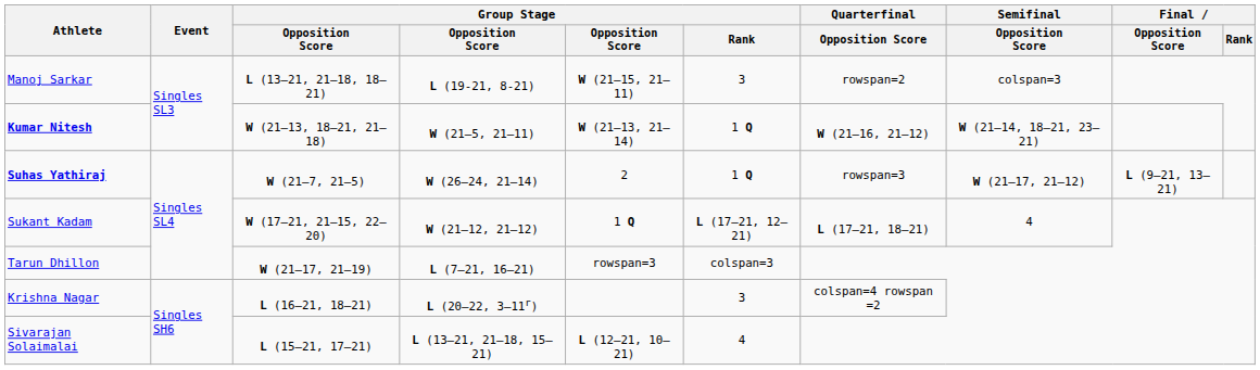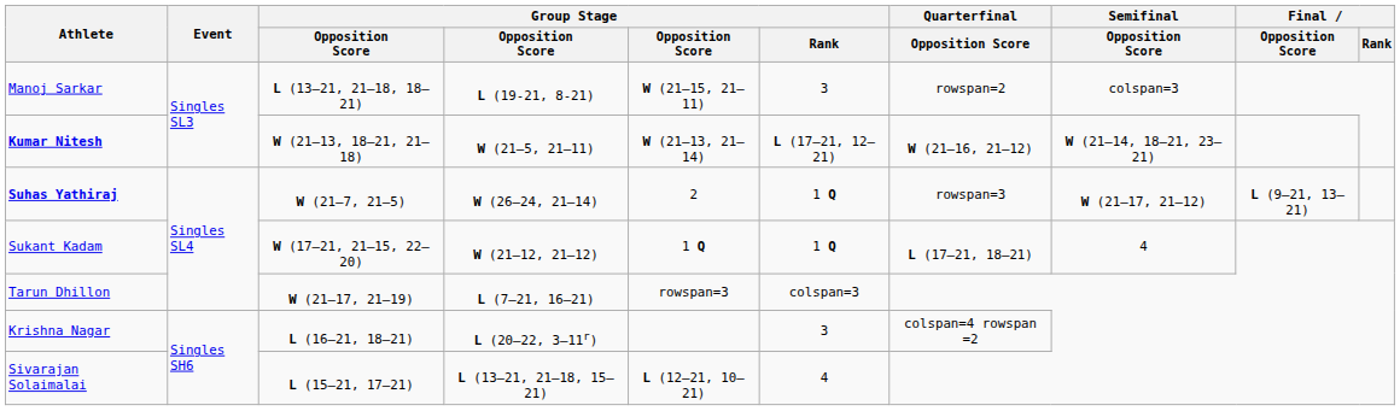 <table class="wikitable" style="font-size:90%; text-align:center">
 <tr>
 <th rowspan=2>Athlete</th>
 <th rowspan=2>Event</th>
 <th colspan=4>Group Stage</th>
 <th>Quarterfinal</th>
 <th>Semifinal</th>
 <th colspan=2>Final / </th>
 </tr>
 <tr style="font-size:95%">
 <th>Opposition<br>Score</th>
 <th>Opposition<br>Score</th>
 <th>Opposition<br>Score</th>
 <th>Rank</th>
 <th>Opposition Score</th>
 <th>Opposition<br>Score</th>
 <th>Opposition<br>Score</th>
 <th>Rank</th>
 </tr>
 <tr>
 <td align=left><a href='#'>Manoj Sarkar</a></td>
 <td align=left rowspan=2><a href='#'>Singles SL3</a></td>
 <td> <br> <strong>L</strong> (13–21, 21–18, 18–21)</td>
 <td> <br> <strong>L</strong> (19-21, 8-21)</td>
 <td> <br> <strong>W</strong> (21–15, 21–11)</td>
 <td>3</td>
 <td>rowspan=2 </td>
 <td>colspan=3 </td>
 </tr>
 <tr>
 <td align=left><strong><a href='#'>Kumar Nitesh</a></strong></td>
 <td> <br> <strong>W</strong> (21–13, 18–21, 21–18)</td>
 <td> <br> <strong>W</strong> (21–5, 21–11)</td>
 <td> <br> <strong>W</strong> (21–13, 21–14)</td>
-<td>1 <strong>Q</strong></td>
+<td> <br> <strong>L</strong> (17–21, 12–21)</td>
 <td> <br> <strong>W</strong> (21–16, 21–12)</td>
 <td> <br> <strong>W</strong> (21–14, 18–21, 23–21)</td>
 <td></td>
 </tr>
 <tr>
 <td align=left><strong><a href='#'>Suhas Yathiraj</a></strong></td>
 <td align=left rowspan=3><a href='#'>Singles SL4</a></td>
 <td> <br> <strong>W</strong> (21–7, 21–5)</td>
 <td> <br> <strong>W</strong> (26–24, 21–14)</td>
 <td>2</td>
 <td>1 <strong>Q</strong></td>
 <td>rowspan=3 </td>
 <td> <br> <strong>W</strong> (21–17, 21–12)</td>
 <td> <br> <strong>L</strong> (9–21, 13–21)</td>
 <td></td>
 </tr>
 <tr>
 <td align=left><a href='#'>Sukant Kadam</a></td>
 <td> <br> <strong>W</strong> (17–21, 21–15, 22–20)</td>
 <td> <br> <strong>W</strong> (21–12, 21–12)</td>
 <td>1 <strong>Q</strong></td>
-<td> <br> <strong>L</strong> (17–21, 12–21)</td>
+<td>1 <strong>Q</strong></td>
 <td> <br> <strong>L</strong> (17–21, 18–21)</td>
 <td>4</td>
 </tr>
 <tr>
 <td align=left><a href='#'>Tarun Dhillon</a></td>
 <td> <br> <strong>W</strong> (21–17, 21–19)</td>
 <td> <br> <strong>L</strong> (7–21, 16–21)</td>
 <td>rowspan=3 </td>
 <td>colspan=3 </td>
 </tr>
 <tr>
 <td align="left"><a href='#'>Krishna Nagar</a></td>
 <td rowspan="2"  align="left"><a href='#'>Singles SH6</a></td>
 <td> <br> <strong>L</strong> (16–21, 18–21)</td>
 <td> <br> <strong>L</strong> (20–22, 3–11<sup>r</sup>)</td>
 <td></td>
 <td>3</td>
 <td>colspan=4 rowspan =2 </td>
 </tr>
 <tr>
 <td align="left"><a href='#'>Sivarajan Solaimalai</a></td>
 <td> <br> <strong>L</strong> (15–21, 17–21)</td>
 <td> <br> <strong>L</strong> (13–21, 21–18, 15–21)</td>
 <td> <br><strong>L</strong> (12–21, 10–21)</td>
 <td>4</td>
 </tr>
 </table>
